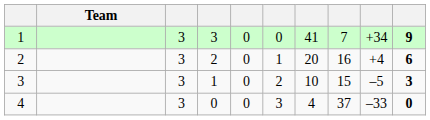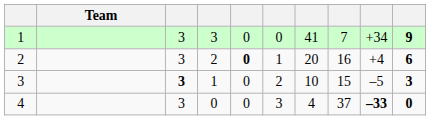 <table class="wikitable" style="text-align: center; font-size: 100%;">
 <tr>
 <th width="30"></th>
 <th width="140">Team</th>
 <th width="30"></th>
 <th width="30"></th>
 <th width="30"></th>
 <th width="30"></th>
 <th width="30"></th>
 <th width="30"></th>
 <th width="30"></th>
 <th width="30"></th>
 </tr>
 <tr style="background-color: #ccffcc;">
 <td>1</td>
 <td align=left><strong></strong></td>
 <td>3</td>
 <td>3</td>
 <td>0</td>
 <td>0</td>
 <td>41</td>
 <td>7</td>
 <td>+34</td>
 <td><strong>9</strong></td>
 </tr>
 <tr>
 <td>2</td>
 <td align=left></td>
 <td>3</td>
 <td>2</td>
-<td>0</td>
+<td><strong>0</strong></td>
 <td>1</td>
 <td>20</td>
 <td>16</td>
 <td>+4</td>
 <td><strong>6</strong></td>
 </tr>
 <tr>
 <td>3</td>
 <td align=left></td>
-<td>3</td>
+<td><strong>3</strong></td>
 <td>1</td>
 <td>0</td>
 <td>2</td>
 <td>10</td>
 <td>15</td>
 <td>–5</td>
 <td><strong>3</strong></td>
 </tr>
 <tr>
 <td>4</td>
 <td align=left></td>
 <td>3</td>
 <td>0</td>
 <td>0</td>
 <td>3</td>
 <td>4</td>
 <td>37</td>
-<td>–33</td>
+<td><strong>–33</strong></td>
 <td><strong>0</strong></td>
 </tr>
 </table>
